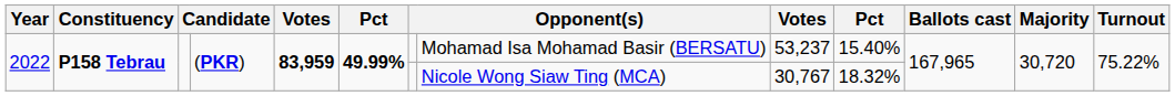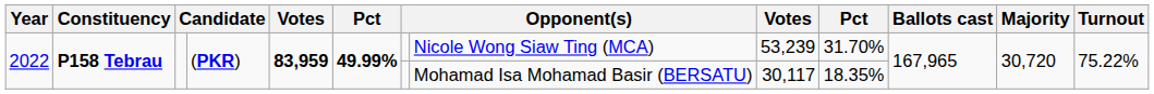 <table class="wikitable" style="margin:0.5em ; font-size:95%">
 <tr>
 <th>Year</th>
 <th>Constituency</th>
 <th colspan=2>Candidate</th>
 <th>Votes</th>
 <th>Pct</th>
 <th colspan=2>Opponent(s)</th>
 <th>Votes</th>
 <th>Pct</th>
 <th>Ballots cast</th>
 <th>Majority</th>
 <th>Turnout</th>
 </tr>
 <tr>
 <td rowspan="2"><a href='#'>2022</a></td>
 <td rowspan="2"><strong>P158 <a href='#'>Tebrau</a></strong></td>
 <td rowspan="2" ></td>
 <td rowspan="2"> (<a href='#'><strong>PKR</strong></a>)</td>
 <td rowspan="2" align="right"><strong>83,959</strong></td>
 <td rowspan="2"><strong>49.99%</strong></td>
 <td></td>
-<td>Mohamad Isa Mohamad Basir (<a href='#'>BERSATU</a>)</td>
-<td align="right">53,237</td>
-<td>15.40%</td>
+<td><a href='#'>Nicole Wong Siaw Ting</a> (<a href='#'>MCA</a>)</td>
+<td align="right">53,239</td>
+<td>31.70%</td>
 <td rowspan="2">167,965</td>
 <td rowspan="2">30,720</td>
 <td rowspan="2">75.22%</td>
 </tr>
 <tr>
 <td></td>
-<td><a href='#'>Nicole Wong Siaw Ting</a> (<a href='#'>MCA</a>)</td>
-<td align="right">30,767</td>
-<td>18.32%</td>
+<td>Mohamad Isa Mohamad Basir (<a href='#'>BERSATU</a>)</td>
+<td align="right">30,117</td>
+<td>18.35%</td>
 </tr>
 </table>
